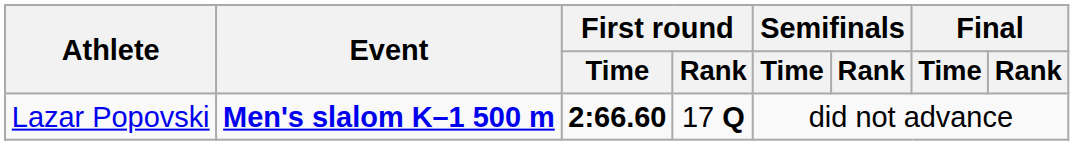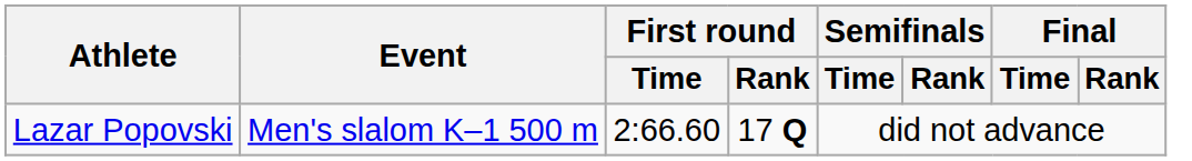 <table class="wikitable" style="font-size:90%; text-align: center">
 <tr>
 <th rowspan="2">Athlete</th>
 <th rowspan="2">Event</th>
 <th colspan="2">First round</th>
 <th colspan="2">Semifinals</th>
 <th colspan="2">Final</th>
 </tr>
 <tr style="font-size:95%">
 <th>Time</th>
 <th>Rank</th>
 <th>Time</th>
 <th>Rank</th>
 <th>Time</th>
 <th>Rank</th>
 </tr>
 <tr align=center>
 <td align=left><a href='#'>Lazar Popovski</a></td>
-<td align=left><strong><a href='#'>Men's slalom K–1 500 m</a></strong></td>
-<td><strong>2:66.60</strong></td>
+<td align=left><a href='#'>Men's slalom K–1 500 m</a></td>
+<td>2:66.60</td>
 <td>17 <strong>Q</strong></td>
 <td colspan=4>did not advance</td>
 </tr>
 </table>
